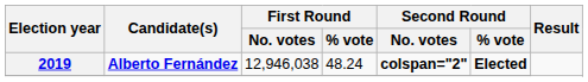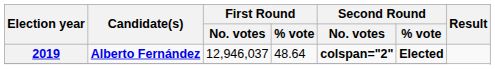 <table class="wikitable">
 <tr>
 <th rowspan="2">Election year</th>
 <th rowspan="2">Candidate(s)</th>
 <th colspan="2">First Round</th>
 <th colspan="2">Second Round</th>
 <th rowspan="2">Result</th>
 </tr>
 <tr>
 <th>No. votes</th>
 <th>% vote</th>
 <th>No. votes</th>
 <th>% vote</th>
 </tr>
 <tr>
 <th><a href='#'>2019</a></th>
 <td><strong><a href='#'>Alberto Fernández</a></strong></td>
-<td>12,946,038</td>
-<td>48.24</td>
+<td>12,946,037</td>
+<td>48.64</td>
 <td><strong>colspan="2" </strong></td>
 <td> <strong>Elected</strong></td>
 </tr>
 <tr>
 </tr>
 </table>
